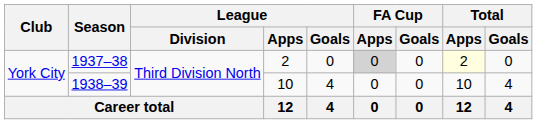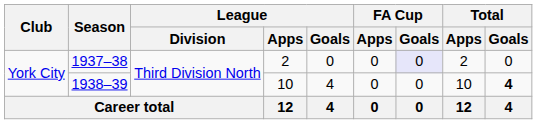 <table class="wikitable" style="text-align:center;">
 <tr>
 <th rowspan="2">Club</th>
 <th rowspan="2">Season</th>
 <th colspan="3">League</th>
 <th colspan="2">FA Cup</th>
 <th colspan="2">Total</th>
 </tr>
 <tr>
 <th>Division</th>
 <th>Apps</th>
 <th>Goals</th>
 <th>Apps</th>
 <th>Goals</th>
 <th>Apps</th>
 <th>Goals</th>
 </tr>
 <tr>
 <td rowspan="2"><a href='#'>York City</a></td>
 <td><a href='#'>1937–38</a></td>
 <td rowspan="2"><a href='#'>Third Division North</a></td>
 <td>2</td>
 <td>0</td>
-<td style="background: lightgrey;">0</td>
 <td>0</td>
-<td style="background: lightyellow;">2</td>
+<td style="background: lavender;">0</td>
+<td>2</td>
 <td>0</td>
 </tr>
 <tr>
 <td><a href='#'>1938–39</a></td>
 <td>10</td>
 <td>4</td>
 <td>0</td>
 <td>0</td>
 <td>10</td>
-<td>4</td>
+<td><strong>4</strong></td>
 </tr>
 <tr>
 <th colspan="3">Career total</th>
 <th>12</th>
 <th>4</th>
 <th>0</th>
 <th>0</th>
 <th>12</th>
 <th>4</th>
 </tr>
 </table>
